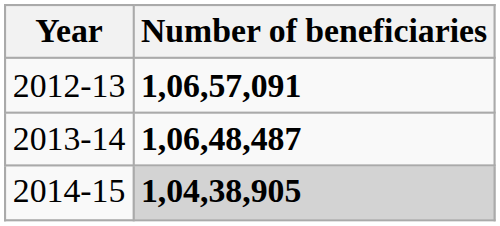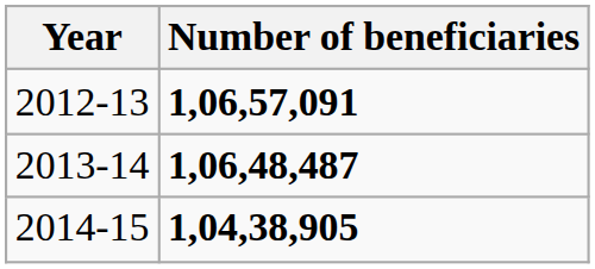 <table class="wikitable">
 <tr>
 <th>Year</th>
 <th>Number of beneficiaries</th>
 </tr>
 <tr>
 <td>2012-13</td>
 <td><strong>1,06,57,091</strong></td>
 </tr>
 <tr>
 <td>2013-14</td>
 <td><strong>1,06,48,487</strong></td>
 </tr>
 <tr>
 <td>2014-15</td>
-<td style="background: lightgrey;"><strong>1,04,38,905</strong></td>
+<td><strong>1,04,38,905</strong></td>
 </tr>
 </table>
